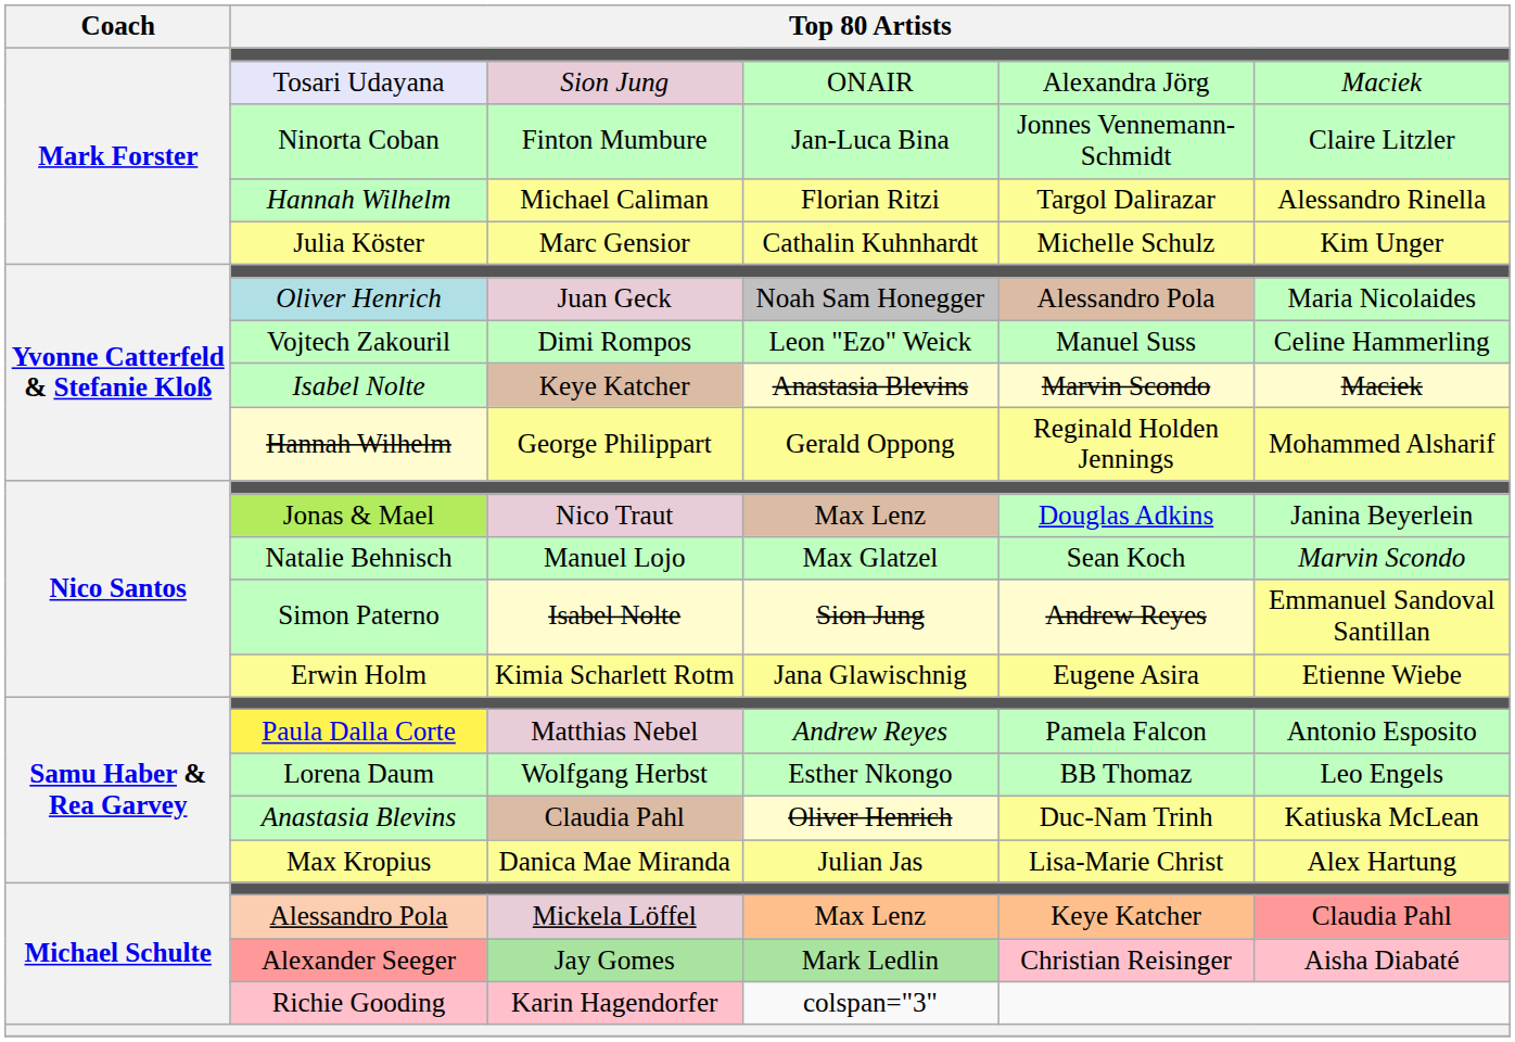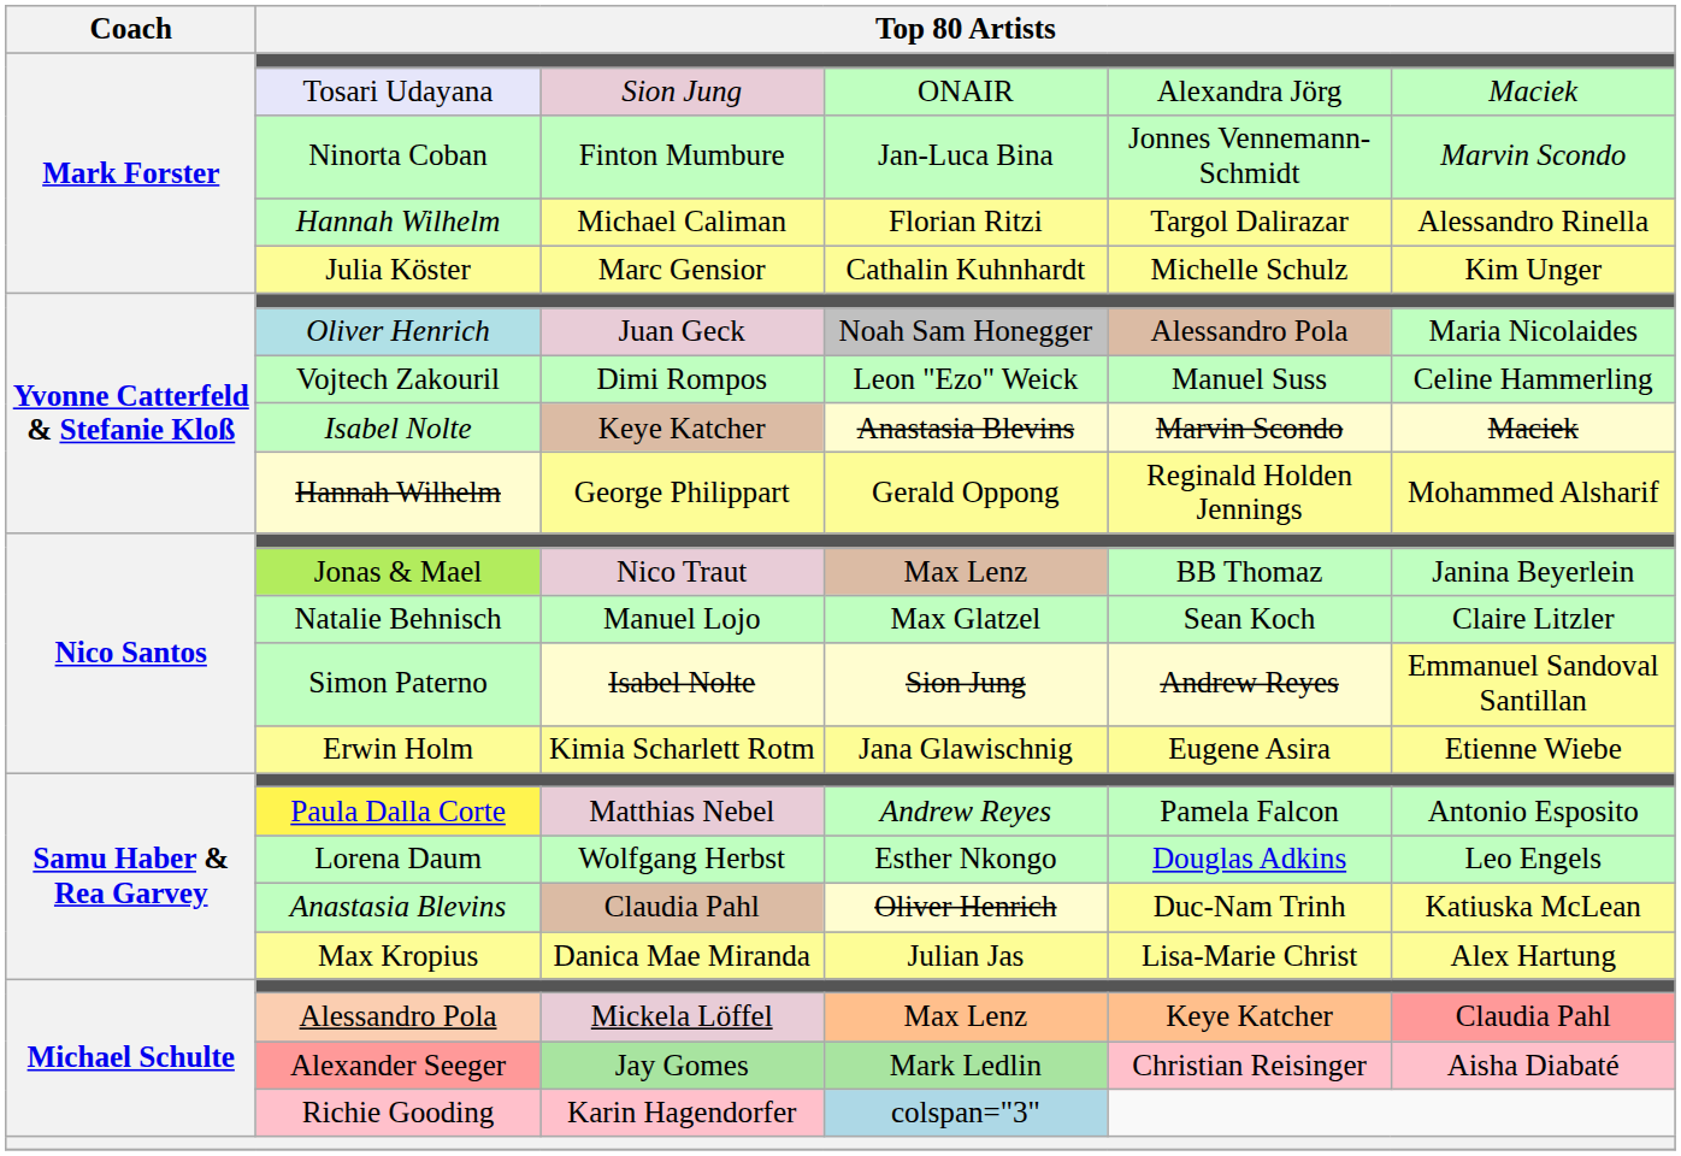 <table class="wikitable" style="text-align:center; width:100%;">
 <tr>
 <th scope="col" style="width:15%;">Coach</th>
 <th scope="col" style="width:85%;" colspan="5">Top 80 Artists</th>
 </tr>
 <tr>
 <th rowspan="5"><a href='#'>Mark Forster</a></th>
 <td colspan=5 style="background:#555555;"></td>
 </tr>
 <tr>
 <td width="17%" style="background-color:lavender;">Tosari Udayana</td>
 <td width="17%" style="background-color:#E8CCD7;"><em>Sion Jung</em></td>
 <td width="17%" style="background-color:#BFFFC0;">ONAIR</td>
 <td width="17%" style="background-color:#BFFFC0;">Alexandra Jörg</td>
 <td width="17%" style="background-color:#BFFFC0;"><em>Maciek</em></td>
 </tr>
 <tr>
 <td style="background-color:#BFFFC0;">Ninorta Coban</td>
 <td style="background-color:#BFFFC0;">Finton Mumbure</td>
 <td style="background-color:#BFFFC0;">Jan-Luca Bina</td>
 <td style="background-color:#BFFFC0;">Jonnes Vennemann-Schmidt</td>
-<td style="background-color:#BFFFC0;">Claire Litzler</td>
+<td style="background-color:#BFFFC0;"><em>Marvin Scondo</em></td>
 </tr>
 <tr>
 <td style="background-color:#BFFFC0;"><em>Hannah Wilhelm</em></td>
 <td style="background-color:#FDFD96;">Michael Caliman</td>
 <td style="background-color:#FDFD96;">Florian Ritzi</td>
 <td style="background-color:#FDFD96;">Targol Dalirazar</td>
 <td style="background-color:#FDFD96;">Alessandro Rinella</td>
 </tr>
 <tr>
 <td style="background-color:#FDFD96;">Julia Köster</td>
 <td style="background-color:#FDFD96;">Marc Gensior</td>
 <td style="background-color:#FDFD96;">Cathalin Kuhnhardt</td>
 <td style="background-color:#FDFD96;">Michelle Schulz</td>
 <td style="background-color:#FDFD96;">Kim Unger</td>
 </tr>
 <tr>
 <th rowspan="5"><a href='#'>Yvonne Catterfeld</a> & <a href='#'>Stefanie Kloß</a></th>
 <td colspan=5 style="background:#555555;"></td>
 </tr>
 <tr>
 <td style="background-color:#B0E0E6;"><em>Oliver Henrich</em></td>
 <td style="background-color:#E8CCD7;">Juan Geck</td>
 <td style="background-color:silver;">Noah Sam Honegger</td>
 <td style="background-color:#dbbba4;">Alessandro Pola</td>
 <td style="background-color:#BFFFC0;">Maria Nicolaides</td>
 </tr>
 <tr>
 <td style="background-color:#BFFFC0;">Vojtech Zakouril</td>
 <td style="background-color:#BFFFC0;">Dimi Rompos</td>
 <td style="background-color:#BFFFC0;">Leon "Ezo" Weick</td>
 <td style="background-color:#BFFFC0;">Manuel Suss</td>
 <td style="background-color:#BFFFC0;">Celine Hammerling</td>
 </tr>
 <tr>
 <td style="background-color:#BFFFC0;"><em>Isabel Nolte</em></td>
 <td style="background-color:#dbbba4;">Keye Katcher</td>
 <td style="background-color:#FFFDD0;"><s>Anastasia Blevins</s></td>
 <td style="background-color:#FFFDD0;"><s>Marvin Scondo</s></td>
 <td style="background-color:#FFFDD0;"><s>Maciek</s></td>
 </tr>
 <tr>
 <td style="background-color:#FFFDD0;"><s>Hannah Wilhelm</s></td>
 <td style="background-color:#FDFD96;">George Philippart</td>
 <td style="background-color:#FDFD96;">Gerald Oppong</td>
 <td style="background-color:#FDFD96;">Reginald Holden Jennings</td>
 <td style="background-color:#FDFD96;">Mohammed Alsharif</td>
 </tr>
 <tr>
 <th rowspan="5"><a href='#'>Nico Santos</a></th>
 <td colspan=5 style="background:#555555;"></td>
 </tr>
 <tr>
 <td style="background-color:#B2EC5D;">Jonas & Mael</td>
 <td style="background-color:#E8CCD7;">Nico Traut</td>
 <td style="background-color:#dbbba4;">Max Lenz</td>
-<td style="background-color:#BFFFC0;"><a href='#'>Douglas Adkins</a></td>
+<td style="background-color:#BFFFC0;">BB Thomaz</td>
 <td style="background-color:#BFFFC0;">Janina Beyerlein</td>
 </tr>
 <tr>
 <td style="background-color:#BFFFC0;">Natalie Behnisch</td>
 <td style="background-color:#BFFFC0;">Manuel Lojo</td>
 <td style="background-color:#BFFFC0;">Max Glatzel</td>
 <td style="background-color:#BFFFC0;">Sean Koch</td>
-<td style="background-color:#BFFFC0;"><em>Marvin Scondo</em></td>
+<td style="background-color:#BFFFC0;">Claire Litzler</td>
 </tr>
 <tr>
 <td style="background-color:#BFFFC0;">Simon Paterno</td>
 <td style="background-color:#FFFDD0;"><s>Isabel Nolte</s></td>
 <td style="background-color:#FFFDD0;"><s>Sion Jung</s></td>
 <td style="background-color:#FFFDD0;"><s>Andrew Reyes</s></td>
 <td style="background-color:#FDFD96;">Emmanuel Sandoval Santillan</td>
 </tr>
 <tr>
 <td style="background-color:#FDFD96;">Erwin Holm</td>
 <td style="background-color:#FDFD96;">Kimia Scharlett Rotm</td>
 <td style="background-color:#FDFD96;">Jana Glawischnig</td>
 <td style="background-color:#FDFD96;">Eugene Asira</td>
 <td style="background-color:#FDFD96;">Etienne Wiebe</td>
 </tr>
 <tr>
 <th rowspan="5"><a href='#'>Samu Haber</a> &<br> <a href='#'>Rea Garvey</a></th>
 <td colspan=5 style="background:#555555;"></td>
 </tr>
 <tr>
 <td style="background-color:#FFF44F;"><a href='#'>Paula Dalla Corte</a></td>
 <td style="background-color:#E8CCD7;">Matthias Nebel</td>
 <td style="background-color:#BFFFC0;"><em>Andrew Reyes</em></td>
 <td style="background-color:#BFFFC0;">Pamela Falcon</td>
 <td style="background-color:#BFFFC0;">Antonio Esposito</td>
 </tr>
 <tr>
 <td style="background-color:#BFFFC0;">Lorena Daum</td>
 <td style="background-color:#BFFFC0;">Wolfgang Herbst</td>
 <td style="background-color:#BFFFC0;">Esther Nkongo</td>
-<td style="background-color:#BFFFC0;">BB Thomaz</td>
+<td style="background-color:#BFFFC0;"><a href='#'>Douglas Adkins</a></td>
 <td style="background-color:#BFFFC0;">Leo Engels</td>
 </tr>
 <tr>
 <td style="background-color:#BFFFC0;"><em>Anastasia Blevins</em></td>
 <td style="background-color:#dbbba4;">Claudia Pahl</td>
 <td style="background-color:#FFFDD0;"><s>Oliver Henrich</s></td>
 <td style="background-color:#FDFD96;">Duc-Nam Trinh</td>
 <td style="background-color:#FDFD96;">Katiuska McLean</td>
 </tr>
 <tr>
 <td style="background-color:#FDFD96;">Max Kropius</td>
 <td style="background-color:#FDFD96;">Danica Mae Miranda</td>
 <td style="background-color:#FDFD96;">Julian Jas</td>
 <td style="background-color:#FDFD96;">Lisa-Marie Christ</td>
 <td style="background-color:#FDFD96;">Alex Hartung</td>
 </tr>
 <tr>
 <th scope="row" rowspan="4"><a href='#'>Michael Schulte</a></th>
 <td colspan=5 style="background:#555555;"></td>
 </tr>
 <tr>
 <td style="background-color:#FBCEB1;"><u><span>Alessandro Pola</span></u></td>
 <td style="background-color:#E8CCD7;"><u>Mickela Löffel</u></td>
 <td style="background-color:#FFBF8C;"><span>Max Lenz</span></td>
 <td style="background-color:#FFBF8C;"><span>Keye Katcher</span></td>
 <td style="background-color:#FF9999;"><span>Claudia Pahl</span></td>
 </tr>
 <tr>
 <td style="background-color:#FF9999;">Alexander Seeger</td>
 <td style="background-color:#A8E4A0;">Jay Gomes</td>
 <td style="background-color:#A8E4A0;">Mark Ledlin</td>
 <td style="background-color:pink;">Christian Reisinger</td>
 <td style="background-color:pink;">Aisha Diabaté</td>
 </tr>
 <tr>
 <td style="background-color:pink;">Richie Gooding</td>
 <td style="background-color:pink;">Karin Hagendorfer</td>
-<td>colspan="3" </td>
+<td style="background: lightblue;">colspan="3" </td>
 </tr>
 <tr>
 <th style="font-size:90%; line-height:12px;" colspan="6"><small></small></th>
 </tr>
 <tr>
 </tr>
 </table>
